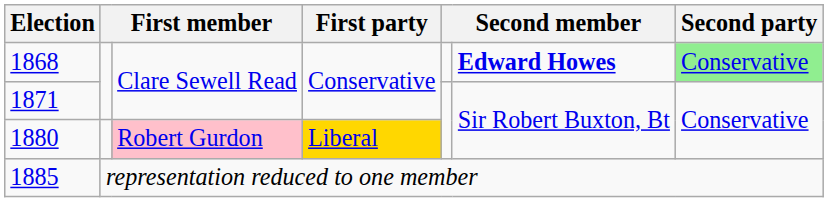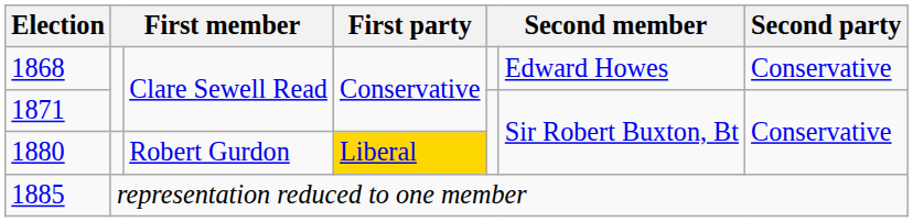 <table class="wikitable">
 <tr>
 <th>Election</th>
 <th colspan="2">First member</th>
 <th>First party</th>
 <th colspan="2">Second member</th>
 <th>Second party</th>
 </tr>
 <tr>
 <td><a href='#'>1868</a></td>
 <td rowspan="2" style="color:inherit;background-color: "></td>
 <td rowspan="2"><a href='#'>Clare Sewell Read</a></td>
 <td rowspan="2"><a href='#'>Conservative</a></td>
 <td style="color:inherit;background-color: "></td>
-<td><strong><a href='#'>Edward Howes</a></strong></td>
-<td style="background: lightgreen;"><a href='#'>Conservative</a></td>
+<td><a href='#'>Edward Howes</a></td>
+<td><a href='#'>Conservative</a></td>
 </tr>
 <tr>
 <td><a href='#'>1871</a></td>
 <td rowspan="2" style="color:inherit;background-color: "></td>
 <td rowspan="2"><a href='#'>Sir Robert Buxton, Bt</a></td>
 <td rowspan="2"><a href='#'>Conservative</a></td>
 </tr>
 <tr>
 <td><a href='#'>1880</a></td>
 <td style="color:inherit;background-color: "></td>
-<td style="background: pink;"><a href='#'>Robert Gurdon</a></td>
+<td><a href='#'>Robert Gurdon</a></td>
 <td style="background: gold;"><a href='#'>Liberal</a></td>
 </tr>
 <tr>
 <td><a href='#'>1885</a></td>
 <td colspan="6"><em>representation reduced to one member</em></td>
 </tr>
 </table>
